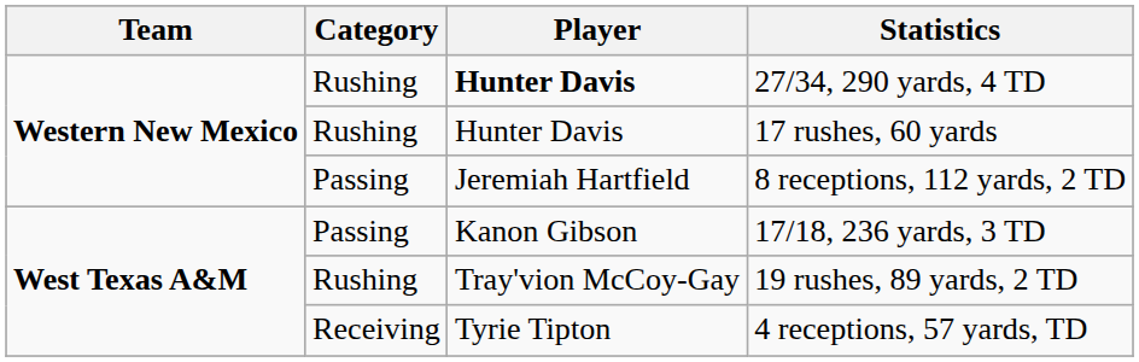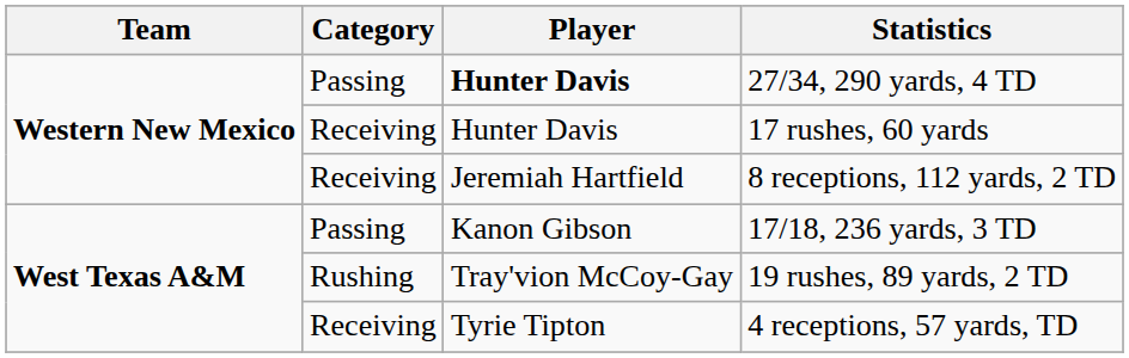 <table class="wikitable" style="float: right;">
 <tr>
 <th>Team</th>
 <th>Category</th>
 <th>Player</th>
 <th>Statistics</th>
 </tr>
 <tr>
 <td rowspan=3><strong>Western New Mexico</strong></td>
-<td>Rushing</td>
+<td>Passing</td>
 <td><strong>Hunter Davis</strong></td>
 <td>27/34, 290 yards, 4 TD</td>
 </tr>
 <tr>
-<td>Rushing</td>
+<td>Receiving</td>
 <td>Hunter Davis</td>
 <td>17 rushes, 60 yards</td>
 </tr>
 <tr>
-<td>Passing</td>
+<td>Receiving</td>
 <td>Jeremiah Hartfield</td>
 <td>8 receptions, 112 yards, 2 TD</td>
 </tr>
 <tr>
 <td rowspan=3><strong>West Texas A&M</strong></td>
 <td>Passing</td>
 <td>Kanon Gibson</td>
 <td>17/18, 236 yards, 3 TD</td>
 </tr>
 <tr>
 <td>Rushing</td>
 <td>Tray'vion McCoy-Gay</td>
 <td>19 rushes, 89 yards, 2 TD</td>
 </tr>
 <tr>
 <td>Receiving</td>
 <td>Tyrie Tipton</td>
 <td>4 receptions, 57 yards, TD</td>
 </tr>
 </table>
